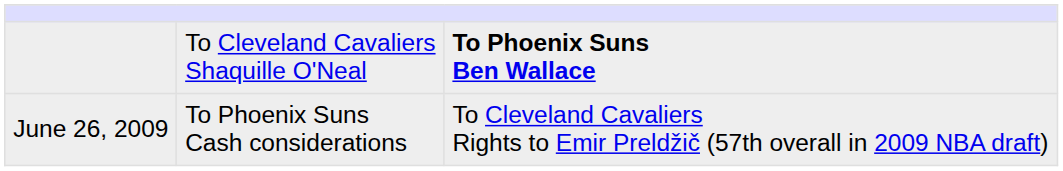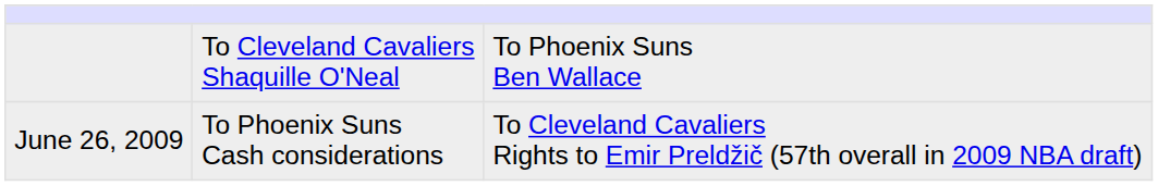 <table border=1 style="border-collapse:collapse; background-color:#eeeeee" bordercolor="#DFDFDF" cellpadding="5">
 <tr bgcolor=#DDDDFF>
 <td colspan=3></td>
 </tr>
 <tr>
 <td></td>
 <td valign="top">To <a href='#'>Cleveland Cavaliers</a><br><a href='#'>Shaquille O'Neal</a></td>
-<td valign="top"><strong>To Phoenix Suns<br><a href='#'>Ben Wallace</a></strong></td>
+<td valign="top">To Phoenix Suns<br><a href='#'>Ben Wallace</a></td>
 </tr>
 <tr>
 <td>June 26, 2009</td>
 <td valign="top">To Phoenix Suns<br>Cash considerations</td>
 <td valign="top">To <a href='#'>Cleveland Cavaliers</a><br>Rights to <a href='#'>Emir Preldžič</a> (57th overall in <a href='#'>2009 NBA draft</a>)</td>
 </tr>
 </table>
